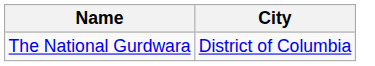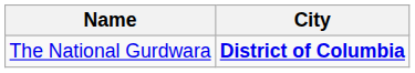 <table class="wikitable sortable">
 <tr>
 <th>Name</th>
 <th>City</th>
 </tr>
 <tr>
 <td><a href='#'>The National Gurdwara</a></td>
-<td><a href='#'>District of Columbia</a></td>
+<td><strong><a href='#'>District of Columbia</a></strong></td>
 </tr>
 </table>
